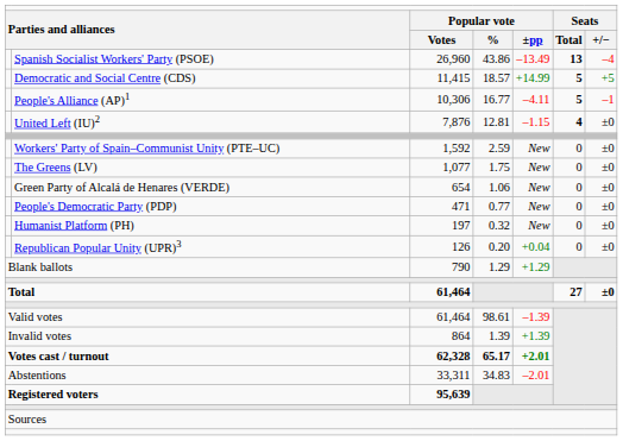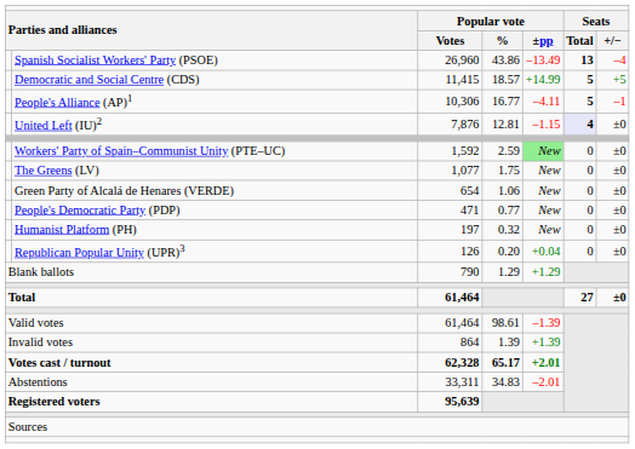 <table class="wikitable" style="text-align:right;">
 <tr>
 <td colspan="7"></td>
 </tr>
 <tr>
 <th style="text-align:left;" rowspan="2" colspan="2" width="525">Parties and alliances</th>
 <th colspan="3">Popular vote</th>
 <th colspan="2">Seats</th>
 </tr>
 <tr>
 <th width="75">Votes</th>
 <th width="45">%</th>
 <th width="45">±<a href='#'>pp</a></th>
 <th width="35">Total</th>
 <th width="35">+/−</th>
 </tr>
 <tr>
 <td width="1" style="color:inherit;background:"></td>
 <td align="left"><a href='#'>Spanish Socialist Workers' Party</a> (PSOE)</td>
 <td>26,960</td>
 <td>43.86</td>
 <td style="color:red;">–13.49</td>
 <td><strong>13</strong></td>
 <td style="color:red;">–4</td>
 </tr>
 <tr>
 <td style="color:inherit;background:"></td>
 <td align="left"><a href='#'>Democratic and Social Centre</a> (CDS)</td>
 <td>11,415</td>
 <td>18.57</td>
 <td style="color:green;">+14.99</td>
 <td><strong>5</strong></td>
 <td style="color:green;">+5</td>
 </tr>
 <tr>
 <td style="color:inherit;background:"></td>
 <td align="left"><a href='#'>People's Alliance</a> (AP)<sup>1</sup></td>
 <td>10,306</td>
 <td>16.77</td>
 <td style="color:red;">–4.11</td>
 <td><strong>5</strong></td>
 <td style="color:red;">–1</td>
 </tr>
 <tr>
 <td style="color:inherit;background:"></td>
 <td align="left"><a href='#'>United Left</a> (IU)<sup>2</sup></td>
 <td>7,876</td>
 <td>12.81</td>
 <td style="color:red;">–1.15</td>
-<td><strong>4</strong></td>
+<td style="background: lavender;"><strong>4</strong></td>
 <td>±0</td>
 </tr>
 <tr>
 <td colspan="7" bgcolor="#C0C0C0"></td>
 </tr>
 <tr>
 <td style="color:inherit;background:"></td>
 <td align="left"><a href='#'>Workers' Party of Spain–Communist Unity</a> (PTE–UC)</td>
 <td>1,592</td>
 <td>2.59</td>
-<td><em>New</em></td>
+<td style="background: lightgreen;"><em>New</em></td>
 <td>0</td>
 <td>±0</td>
 </tr>
 <tr>
 <td style="color:inherit;background:"></td>
 <td align="left"><a href='#'>The Greens</a> (LV)</td>
 <td>1,077</td>
 <td>1.75</td>
 <td><em>New</em></td>
 <td>0</td>
 <td>±0</td>
 </tr>
 <tr>
 <td style="color:inherit;background:"></td>
 <td align="left">Green Party of Alcalá de Henares (VERDE)</td>
 <td>654</td>
 <td>1.06</td>
 <td><em>New</em></td>
 <td>0</td>
 <td>±0</td>
 </tr>
 <tr>
 <td style="color:inherit;background:"></td>
 <td align="left"><a href='#'>People's Democratic Party</a> (PDP)</td>
 <td>471</td>
 <td>0.77</td>
 <td><em>New</em></td>
 <td>0</td>
 <td>±0</td>
 </tr>
 <tr>
 <td style="color:inherit;background:"></td>
 <td align="left"><a href='#'>Humanist Platform</a> (PH)</td>
 <td>197</td>
 <td>0.32</td>
 <td><em>New</em></td>
 <td>0</td>
 <td>±0</td>
 </tr>
 <tr>
 <td style="color:inherit;background:"></td>
 <td align="left"><a href='#'>Republican Popular Unity</a> (UPR)<sup>3</sup></td>
 <td>126</td>
 <td>0.20</td>
 <td style="color:green;">+0.04</td>
 <td>0</td>
 <td>±0</td>
 </tr>
 <tr>
 <td align="left" colspan="2">Blank ballots</td>
 <td>790</td>
 <td>1.29</td>
 <td style="color:green;">+1.29</td>
 <td bgcolor="#E9E9E9" colspan="2"></td>
 </tr>
 <tr>
 <td colspan="7" bgcolor="#E9E9E9"></td>
 </tr>
 <tr style="font-weight:bold;">
 <td align="left" colspan="2">Total</td>
 <td>61,464</td>
 <td bgcolor="#E9E9E9" colspan="2"></td>
 <td>27</td>
 <td>±0</td>
 </tr>
 <tr>
 <td colspan="7" bgcolor="#E9E9E9"></td>
 </tr>
 <tr>
 <td align="left" colspan="2">Valid votes</td>
 <td>61,464</td>
 <td>98.61</td>
 <td style="color:red;">–1.39</td>
 <td bgcolor="#E9E9E9" colspan="2" rowspan="5"></td>
 </tr>
 <tr>
 <td align="left" colspan="2">Invalid votes</td>
 <td>864</td>
 <td>1.39</td>
 <td style="color:green;">+1.39</td>
 </tr>
 <tr style="font-weight:bold;">
 <td align="left" colspan="2">Votes cast / turnout</td>
 <td>62,328</td>
 <td>65.17</td>
 <td style="color:green;">+2.01</td>
 </tr>
 <tr>
 <td align="left" colspan="2">Abstentions</td>
 <td>33,311</td>
 <td>34.83</td>
 <td style="color:red;">–2.01</td>
 </tr>
 <tr style="font-weight:bold;">
 <td align="left" colspan="2">Registered voters</td>
 <td>95,639</td>
 <td bgcolor="#E9E9E9" colspan="2"></td>
 </tr>
 <tr>
 <td colspan="7" bgcolor="#E9E9E9"></td>
 </tr>
 <tr>
 <td align="left" colspan="7">Sources</td>
 </tr>
 <tr>
 <td colspan="7" style="text-align:left; max-width:790px;"></td>
 </tr>
 </table>
